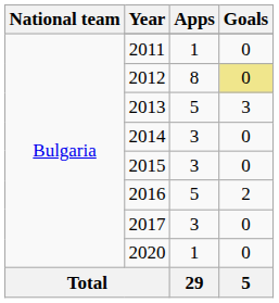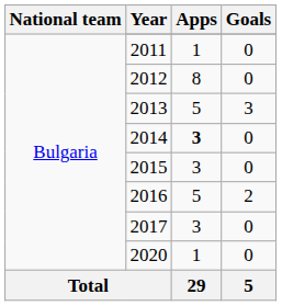 <table class="wikitable" style="text-align: center;">
 <tr>
 <th>National team</th>
 <th>Year</th>
 <th>Apps</th>
 <th>Goals</th>
 </tr>
 <tr>
 <td rowspan="9"><a href='#'>Bulgaria</a></td>
 </tr>
 <tr>
 <td>2011</td>
 <td>1</td>
 <td>0</td>
 </tr>
 <tr>
 <td>2012</td>
 <td>8</td>
-<td style="background: khaki;">0</td>
+<td>0</td>
 </tr>
 <tr>
 <td>2013</td>
 <td>5</td>
 <td>3</td>
 </tr>
 <tr>
 <td>2014</td>
-<td>3</td>
+<td><strong>3</strong></td>
 <td>0</td>
 </tr>
 <tr>
 <td>2015</td>
 <td>3</td>
 <td>0</td>
 </tr>
 <tr>
 <td>2016</td>
 <td>5</td>
 <td>2</td>
 </tr>
 <tr>
 <td>2017</td>
 <td>3</td>
 <td>0</td>
 </tr>
 <tr>
 <td>2020</td>
 <td>1</td>
 <td>0</td>
 </tr>
 <tr>
 <th colspan="2">Total</th>
 <th>29</th>
 <th>5</th>
 </tr>
 </table>
